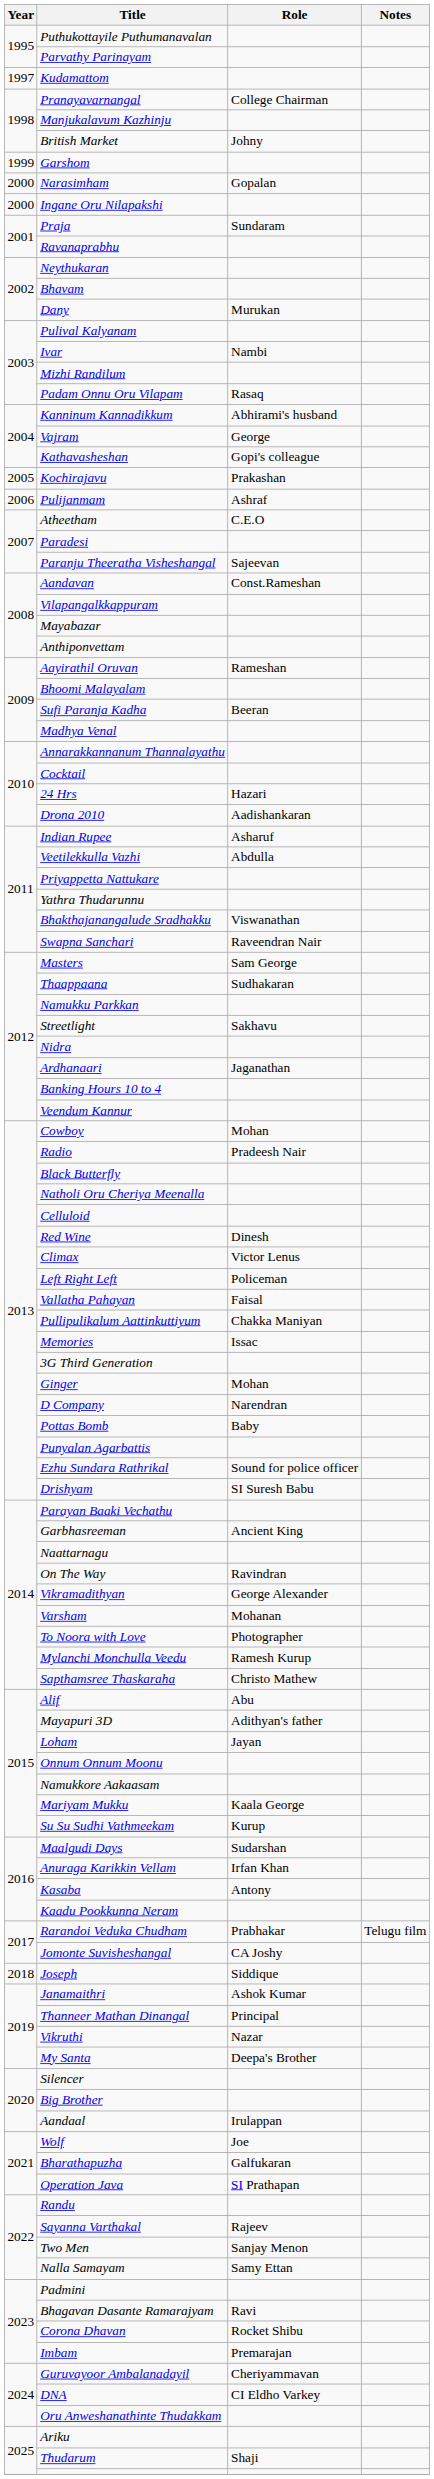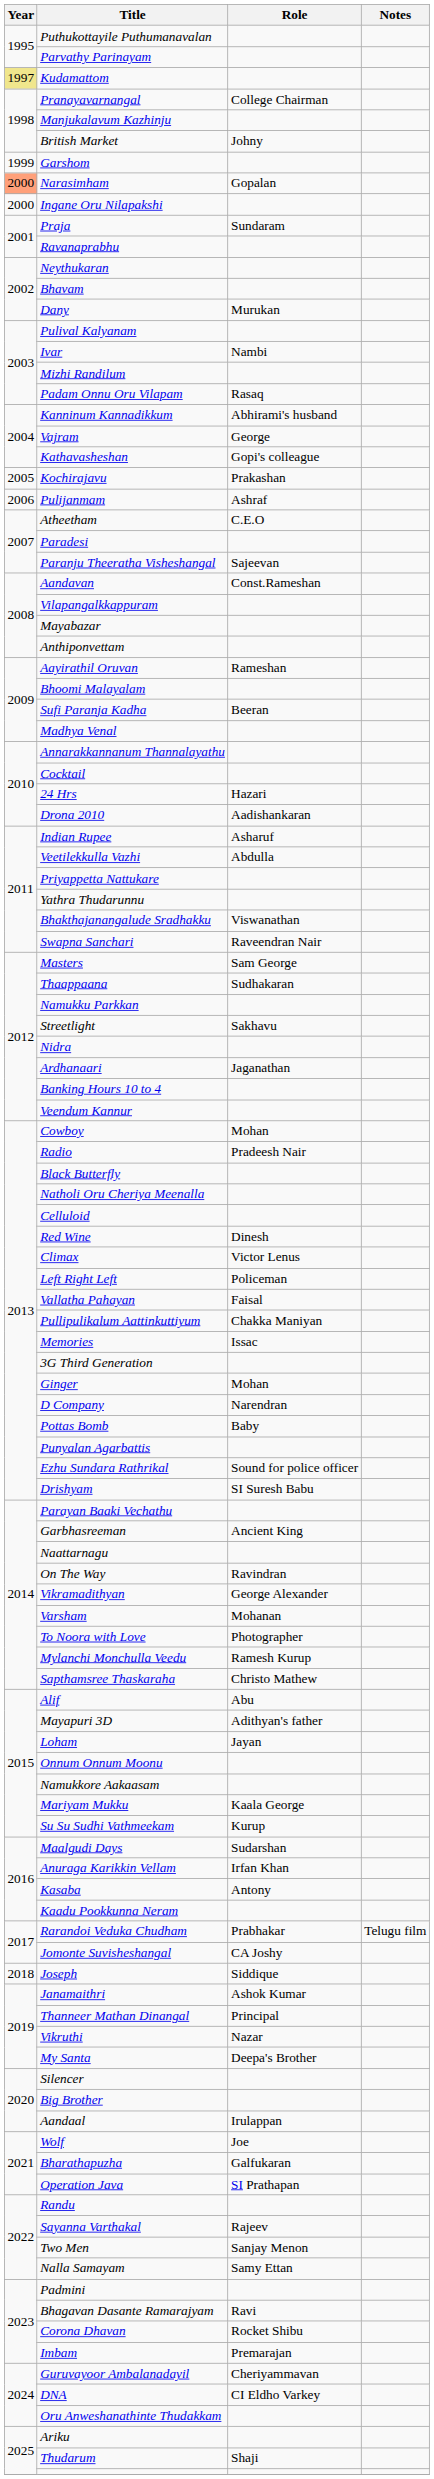 <table class="wikitable plainrowheaders sortable">
 <tr>
 <th scope="col">Year</th>
 <th scope="col">Title</th>
 <th scope="col">Role</th>
 <th scope="col" class="unsortable">Notes</th>
 </tr>
 <tr>
 <td rowspan=2>1995</td>
 <td><em>Puthukottayile Puthumanavalan</em></td>
 <td></td>
 <td></td>
 </tr>
 <tr>
 <td><em><a href='#'>Parvathy Parinayam</a></em></td>
 <td></td>
 <td></td>
 </tr>
 <tr>
-<td>1997</td>
+<td style="background: khaki;">1997</td>
 <td><em><a href='#'>Kudamattom</a></em></td>
 <td></td>
 <td></td>
 </tr>
 <tr>
 <td rowspan=3>1998</td>
 <td><em><a href='#'>Pranayavarnangal</a></em></td>
 <td>College Chairman</td>
 <td></td>
 </tr>
 <tr>
 <td><em><a href='#'>Manjukalavum Kazhinju</a></em></td>
 <td></td>
 <td></td>
 </tr>
 <tr>
 <td><em>British Market</em></td>
 <td>Johny</td>
 <td></td>
 </tr>
 <tr>
 <td>1999</td>
 <td><em><a href='#'>Garshom</a></em></td>
 <td></td>
 <td></td>
 </tr>
 <tr>
-<td>2000</td>
+<td style="background: lightsalmon;">2000</td>
 <td><em><a href='#'>Narasimham</a></em></td>
 <td>Gopalan</td>
 <td></td>
 </tr>
 <tr>
 <td>2000</td>
 <td><em><a href='#'>Ingane Oru Nilapakshi</a></em></td>
 <td></td>
 <td></td>
 </tr>
 <tr>
 <td rowspan=2>2001</td>
 <td><em><a href='#'>Praja</a></em></td>
 <td>Sundaram</td>
 <td></td>
 </tr>
 <tr>
 <td><em><a href='#'>Ravanaprabhu</a></em></td>
 <td></td>
 <td></td>
 </tr>
 <tr>
 <td rowspan=3>2002</td>
 <td><em><a href='#'>Neythukaran</a></em></td>
 <td></td>
 <td></td>
 </tr>
 <tr>
 <td><em><a href='#'>Bhavam</a></em></td>
 <td></td>
 <td></td>
 </tr>
 <tr>
 <td><a href='#'><em>Dany</em></a></td>
 <td>Murukan</td>
 <td></td>
 </tr>
 <tr>
 <td rowspan=4>2003</td>
 <td><em><a href='#'>Pulival Kalyanam</a></em></td>
 <td></td>
 <td></td>
 </tr>
 <tr>
 <td><em><a href='#'>Ivar</a></em></td>
 <td>Nambi</td>
 <td></td>
 </tr>
 <tr>
 <td><em><a href='#'>Mizhi Randilum</a></em></td>
 <td></td>
 <td></td>
 </tr>
 <tr>
 <td><em><a href='#'>Padam Onnu Oru Vilapam</a></em></td>
 <td>Rasaq</td>
 <td></td>
 </tr>
 <tr>
 <td rowspan=3>2004</td>
 <td><em><a href='#'>Kanninum Kannadikkum</a></em></td>
 <td>Abhirami's husband</td>
 <td></td>
 </tr>
 <tr>
 <td><em><a href='#'>Vajram</a></em></td>
 <td>George</td>
 <td></td>
 </tr>
 <tr>
 <td><em><a href='#'>Kathavasheshan</a></em></td>
 <td>Gopi's colleague</td>
 <td></td>
 </tr>
 <tr>
 <td>2005</td>
 <td><em><a href='#'>Kochirajavu</a></em></td>
 <td>Prakashan</td>
 <td></td>
 </tr>
 <tr>
 <td>2006</td>
 <td><em><a href='#'>Pulijanmam</a></em></td>
 <td>Ashraf</td>
 <td></td>
 </tr>
 <tr>
 <td rowspan=3>2007</td>
 <td><em>Atheetham</em></td>
 <td>C.E.O</td>
 <td></td>
 </tr>
 <tr>
 <td><em><a href='#'>Paradesi</a></em></td>
 <td></td>
 <td></td>
 </tr>
 <tr>
 <td><em><a href='#'>Paranju Theeratha Visheshangal</a></em></td>
 <td>Sajeevan</td>
 <td></td>
 </tr>
 <tr>
 <td rowspan=4>2008</td>
 <td><em><a href='#'>Aandavan</a></em></td>
 <td>Const.Rameshan</td>
 <td></td>
 </tr>
 <tr>
 <td><em><a href='#'>Vilapangalkkappuram</a></em></td>
 <td></td>
 <td></td>
 </tr>
 <tr>
 <td><em>Mayabazar</em></td>
 <td></td>
 <td></td>
 </tr>
 <tr>
 <td><em>Anthiponvettam</em></td>
 <td></td>
 <td></td>
 </tr>
 <tr>
 <td rowspan=4>2009</td>
 <td><em><a href='#'>Aayirathil Oruvan</a> </em></td>
 <td>Rameshan</td>
 <td></td>
 </tr>
 <tr>
 <td><em><a href='#'>Bhoomi Malayalam</a></em></td>
 <td></td>
 <td></td>
 </tr>
 <tr>
 <td><a href='#'><em>Sufi Paranja Kadha</em></a></td>
 <td>Beeran</td>
 <td></td>
 </tr>
 <tr>
 <td><em><a href='#'>Madhya Venal</a></em></td>
 <td></td>
 <td></td>
 </tr>
 <tr>
 <td rowspan=4>2010</td>
 <td><em><a href='#'>Annarakkannanum Thannalayathu</a></em></td>
 <td></td>
 <td></td>
 </tr>
 <tr>
 <td><em><a href='#'>Cocktail</a> </em></td>
 <td></td>
 <td></td>
 </tr>
 <tr>
 <td><em><a href='#'>24 Hrs</a> </em></td>
 <td>Hazari</td>
 <td></td>
 </tr>
 <tr>
 <td><em><a href='#'>Drona 2010</a></em></td>
 <td>Aadishankaran</td>
 <td></td>
 </tr>
 <tr>
 <td rowspan=6>2011</td>
 <td><em><a href='#'>Indian Rupee</a></em></td>
 <td>Asharuf</td>
 <td></td>
 </tr>
 <tr>
 <td><em><a href='#'>Veetilekkulla Vazhi</a></em></td>
 <td>Abdulla</td>
 <td></td>
 </tr>
 <tr>
 <td><em><a href='#'>Priyappetta Nattukare</a></em></td>
 <td></td>
 <td></td>
 </tr>
 <tr>
 <td><em>Yathra Thudarunnu</em></td>
 <td></td>
 <td></td>
 </tr>
 <tr>
 <td><em><a href='#'>Bhakthajanangalude Sradhakku</a></em></td>
 <td>Viswanathan</td>
 <td></td>
 </tr>
 <tr>
 <td><em><a href='#'>Swapna Sanchari</a></em></td>
 <td>Raveendran Nair</td>
 <td></td>
 </tr>
 <tr>
 <td rowspan=8>2012</td>
 <td><em><a href='#'>Masters</a></em></td>
 <td>Sam George</td>
 <td></td>
 </tr>
 <tr>
 <td><em><a href='#'>Thaappaana</a></em></td>
 <td>Sudhakaran</td>
 <td></td>
 </tr>
 <tr>
 <td><em><a href='#'>Namukku Parkkan</a></em></td>
 <td></td>
 <td></td>
 </tr>
 <tr>
 <td><em>Streetlight</em></td>
 <td>Sakhavu</td>
 <td></td>
 </tr>
 <tr>
 <td><em><a href='#'>Nidra</a></em></td>
 <td></td>
 <td></td>
 </tr>
 <tr>
 <td><em><a href='#'>Ardhanaari</a></em></td>
 <td>Jaganathan</td>
 <td></td>
 </tr>
 <tr>
 <td><em><a href='#'>Banking Hours 10 to 4</a></em></td>
 <td></td>
 <td></td>
 </tr>
 <tr>
 <td><em><a href='#'>Veendum Kannur</a></em></td>
 <td></td>
 <td></td>
 </tr>
 <tr>
 <td rowspan=18>2013</td>
 <td><em><a href='#'>Cowboy</a></em></td>
 <td>Mohan</td>
 <td></td>
 </tr>
 <tr>
 <td><em><a href='#'>Radio</a></em></td>
 <td>Pradeesh Nair</td>
 <td></td>
 </tr>
 <tr>
 <td><em><a href='#'>Black Butterfly</a></em></td>
 <td></td>
 <td></td>
 </tr>
 <tr>
 <td><em><a href='#'>Natholi Oru Cheriya Meenalla</a></em></td>
 <td></td>
 <td></td>
 </tr>
 <tr>
 <td><a href='#'><em>Celluloid</em></a></td>
 <td></td>
 <td></td>
 </tr>
 <tr>
 <td><a href='#'><em>Red Wine</em></a></td>
 <td>Dinesh</td>
 <td></td>
 </tr>
 <tr>
 <td><a href='#'><em>Climax</em></a></td>
 <td>Victor Lenus</td>
 <td></td>
 </tr>
 <tr>
 <td><a href='#'><em>Left Right Left</em></a></td>
 <td>Policeman</td>
 <td></td>
 </tr>
 <tr>
 <td><em><a href='#'>Vallatha Pahayan</a></em></td>
 <td>Faisal</td>
 <td></td>
 </tr>
 <tr>
 <td><em><a href='#'>Pullipulikalum Aattinkuttiyum</a></em></td>
 <td>Chakka Maniyan</td>
 <td></td>
 </tr>
 <tr>
 <td><a href='#'><em>Memories</em></a></td>
 <td>Issac</td>
 <td></td>
 </tr>
 <tr>
 <td><em>3G Third Generation</em></td>
 <td></td>
 <td></td>
 </tr>
 <tr>
 <td><em><a href='#'>Ginger</a> </em></td>
 <td>Mohan</td>
 <td></td>
 </tr>
 <tr>
 <td><em><a href='#'>D Company</a> </em></td>
 <td>Narendran</td>
 <td></td>
 </tr>
 <tr>
 <td><em><a href='#'>Pottas Bomb</a></em></td>
 <td>Baby</td>
 <td></td>
 </tr>
 <tr>
 <td><em><a href='#'>Punyalan Agarbattis</a></em></td>
 <td></td>
 <td></td>
 </tr>
 <tr>
 <td><em><a href='#'>Ezhu Sundara Rathrikal</a></em></td>
 <td>Sound for police officer</td>
 <td></td>
 </tr>
 <tr>
 <td><em><a href='#'>Drishyam</a></em></td>
 <td>SI Suresh Babu</td>
 <td></td>
 </tr>
 <tr>
 <td rowspan=9>2014</td>
 <td><em><a href='#'>Parayan Baaki Vechathu</a></em></td>
 <td></td>
 <td></td>
 </tr>
 <tr>
 <td><em>Garbhasreeman</em></td>
 <td>Ancient King</td>
 <td></td>
 </tr>
 <tr>
 <td><em>Naattarnagu</em></td>
 <td></td>
 <td></td>
 </tr>
 <tr>
 <td><em>On The Way</em></td>
 <td>Ravindran</td>
 <td></td>
 </tr>
 <tr>
 <td><em><a href='#'>Vikramadithyan</a></em></td>
 <td>George Alexander</td>
 <td></td>
 </tr>
 <tr>
 <td><em><a href='#'>Varsham</a></em></td>
 <td>Mohanan</td>
 <td></td>
 </tr>
 <tr>
 <td><em><a href='#'>To Noora with Love</a></em></td>
 <td>Photographer</td>
 <td></td>
 </tr>
 <tr>
 <td><em><a href='#'>Mylanchi Monchulla Veedu</a></em></td>
 <td>Ramesh Kurup</td>
 <td></td>
 </tr>
 <tr>
 <td><em><a href='#'>Sapthamsree Thaskaraha</a></em></td>
 <td>Christo Mathew</td>
 <td></td>
 </tr>
 <tr>
 <td rowspan=7>2015</td>
 <td><em><a href='#'>Alif</a></em></td>
 <td>Abu</td>
 <td></td>
 </tr>
 <tr>
 <td><em>Mayapuri 3D</em></td>
 <td>Adithyan's father</td>
 <td></td>
 </tr>
 <tr>
 <td><em><a href='#'>Loham</a></em></td>
 <td>Jayan</td>
 <td></td>
 </tr>
 <tr>
 <td><em><a href='#'>Onnum Onnum Moonu</a></em></td>
 <td></td>
 <td></td>
 </tr>
 <tr>
 <td><em>Namukkore Aakaasam</em></td>
 <td></td>
 <td></td>
 </tr>
 <tr>
 <td><em><a href='#'>Mariyam Mukku</a></em></td>
 <td>Kaala George</td>
 <td></td>
 </tr>
 <tr>
 <td><em><a href='#'>Su Su Sudhi Vathmeekam</a></em></td>
 <td>Kurup</td>
 <td></td>
 </tr>
 <tr>
 <td rowspan=4>2016</td>
 <td><em><a href='#'>Maalgudi Days</a></em></td>
 <td>Sudarshan</td>
 <td></td>
 </tr>
 <tr>
 <td><em><a href='#'>Anuraga Karikkin Vellam</a></em></td>
 <td>Irfan Khan</td>
 <td></td>
 </tr>
 <tr>
 <td><em><a href='#'>Kasaba</a></em></td>
 <td>Antony</td>
 <td></td>
 </tr>
 <tr>
 <td><em><a href='#'>Kaadu Pookkunna Neram</a></em></td>
 <td></td>
 <td></td>
 </tr>
 <tr>
 <td rowspan=2>2017</td>
 <td><em><a href='#'>Rarandoi Veduka Chudham</a></em></td>
 <td>Prabhakar</td>
 <td>Telugu film</td>
 </tr>
 <tr>
 <td><em><a href='#'>Jomonte Suvisheshangal</a></em></td>
 <td>CA Joshy</td>
 <td></td>
 </tr>
 <tr>
 <td>2018</td>
 <td><em><a href='#'>Joseph</a></em></td>
 <td>Siddique</td>
 <td></td>
 </tr>
 <tr>
 <td Rowspan=4>2019</td>
 <td><em><a href='#'>Janamaithri</a></em></td>
 <td>Ashok Kumar</td>
 <td></td>
 </tr>
 <tr>
 <td><em><a href='#'>Thanneer Mathan Dinangal</a></em></td>
 <td>Principal</td>
 <td></td>
 </tr>
 <tr>
 <td><em><a href='#'>Vikruthi</a></em></td>
 <td>Nazar</td>
 <td></td>
 </tr>
 <tr>
 <td><em><a href='#'>My Santa</a></em></td>
 <td>Deepa's Brother</td>
 <td></td>
 </tr>
 <tr>
 <td rowspan=3>2020</td>
 <td><em>Silencer</em></td>
 <td></td>
 <td></td>
 </tr>
 <tr>
 <td><em><a href='#'>Big Brother</a></em></td>
 <td></td>
 <td></td>
 </tr>
 <tr>
 <td><em>Aandaal</em></td>
 <td>Irulappan</td>
 <td></td>
 </tr>
 <tr>
 <td rowspan=3>2021</td>
 <td><em><a href='#'>Wolf</a></em></td>
 <td>Joe</td>
 <td></td>
 </tr>
 <tr>
 <td><em><a href='#'>Bharathapuzha</a></em></td>
 <td>Galfukaran</td>
 <td></td>
 </tr>
 <tr>
 <td><em><a href='#'>Operation Java</a></em></td>
 <td><a href='#'>SI</a> Prathapan</td>
 <td></td>
 </tr>
 <tr>
 <td rowspan=4>2022</td>
 <td><em><a href='#'>Randu</a></em></td>
 <td></td>
 <td></td>
 </tr>
 <tr>
 <td><em><a href='#'>Sayanna Varthakal</a></em></td>
 <td>Rajeev</td>
 <td></td>
 </tr>
 <tr>
 <td><em>Two Men</em></td>
 <td>Sanjay Menon</td>
 <td></td>
 </tr>
 <tr>
 <td><em>Nalla Samayam</em></td>
 <td>Samy Ettan</td>
 <td></td>
 </tr>
 <tr>
 <td rowspan=4>2023</td>
 <td><em>Padmini</em></td>
 <td></td>
 <td></td>
 </tr>
 <tr>
 <td><em>Bhagavan Dasante Ramarajyam</em></td>
 <td>Ravi</td>
 <td></td>
 </tr>
 <tr>
 <td><em><a href='#'>Corona Dhavan</a></em></td>
 <td>Rocket Shibu</td>
 <td></td>
 </tr>
 <tr>
 <td><em><a href='#'>Imbam</a></em></td>
 <td>Premarajan</td>
 <td></td>
 </tr>
 <tr>
 <td rowspan=3>2024</td>
 <td><em><a href='#'>Guruvayoor Ambalanadayil</a></em></td>
 <td>Cheriyammavan</td>
 <td></td>
 </tr>
 <tr>
 <td><em><a href='#'>DNA</a></em></td>
 <td>CI Eldho Varkey</td>
 <td></td>
 </tr>
 <tr>
 <td><em><a href='#'>Oru Anweshanathinte Thudakkam</a></em></td>
 <td></td>
 <td></td>
 </tr>
 <tr>
 <td rowspan=3>2025</td>
 <td><em>Ariku</em></td>
 <td></td>
 <td></td>
 </tr>
 <tr>
 <td><em><a href='#'>Thudarum</a></em></td>
 <td>Shaji</td>
 <td></td>
 </tr>
 <tr>
 <td></td>
 <td></td>
 <td></td>
 </tr>
 <tr>
 </tr>
 </table>
